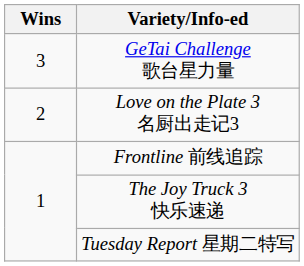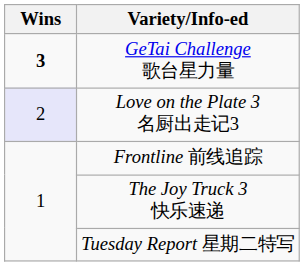 <table class="wikitable plainrowheaders" style="text-align: center">
 <tr>
 <th scope="col" style="width:55px;">Wins</th>
 <th scope="col" style="text-align:center;">Variety/Info-ed</th>
 </tr>
 <tr>
-<td>3</td>
+<td><strong>3</strong></td>
 <td><em><a href='#'>GeTai Challenge</a></em> <br> 歌台星力量</td>
 </tr>
 <tr>
-<td>2</td>
+<td style="background: lavender;">2</td>
 <td><em>Love on the Plate 3</em> <br> 名厨出走记3</td>
 </tr>
 <tr>
 <td rowspan=3>1</td>
 <td><em>Frontline</em> 前线追踪</td>
 </tr>
 <tr>
 <td><em>The Joy Truck 3</em> <br> 快乐速递</td>
 </tr>
 <tr>
 <td><em>Tuesday Report</em> 星期二特写</td>
 </tr>
 </table>
